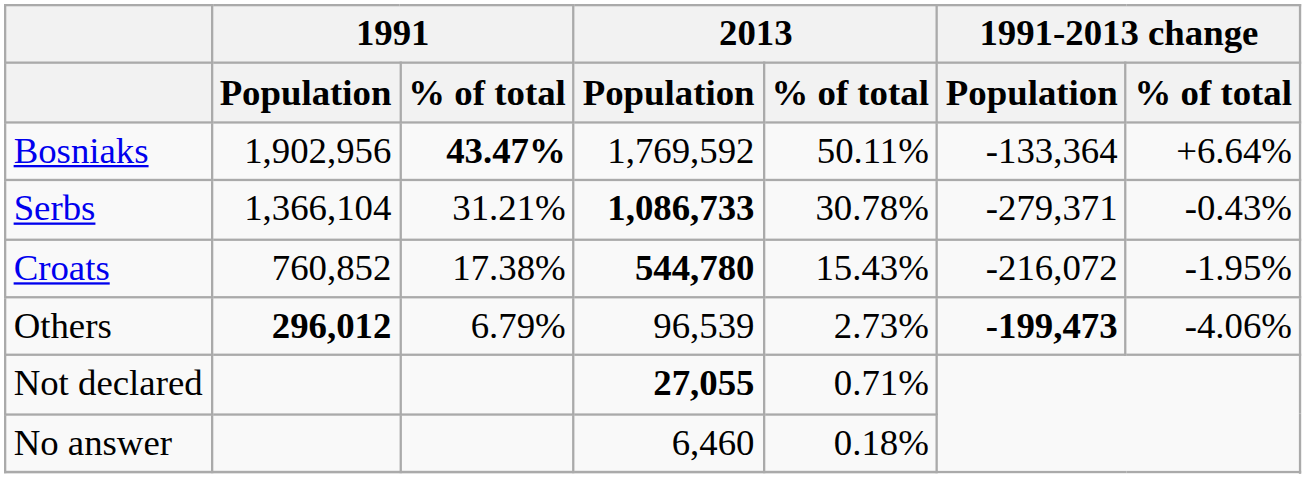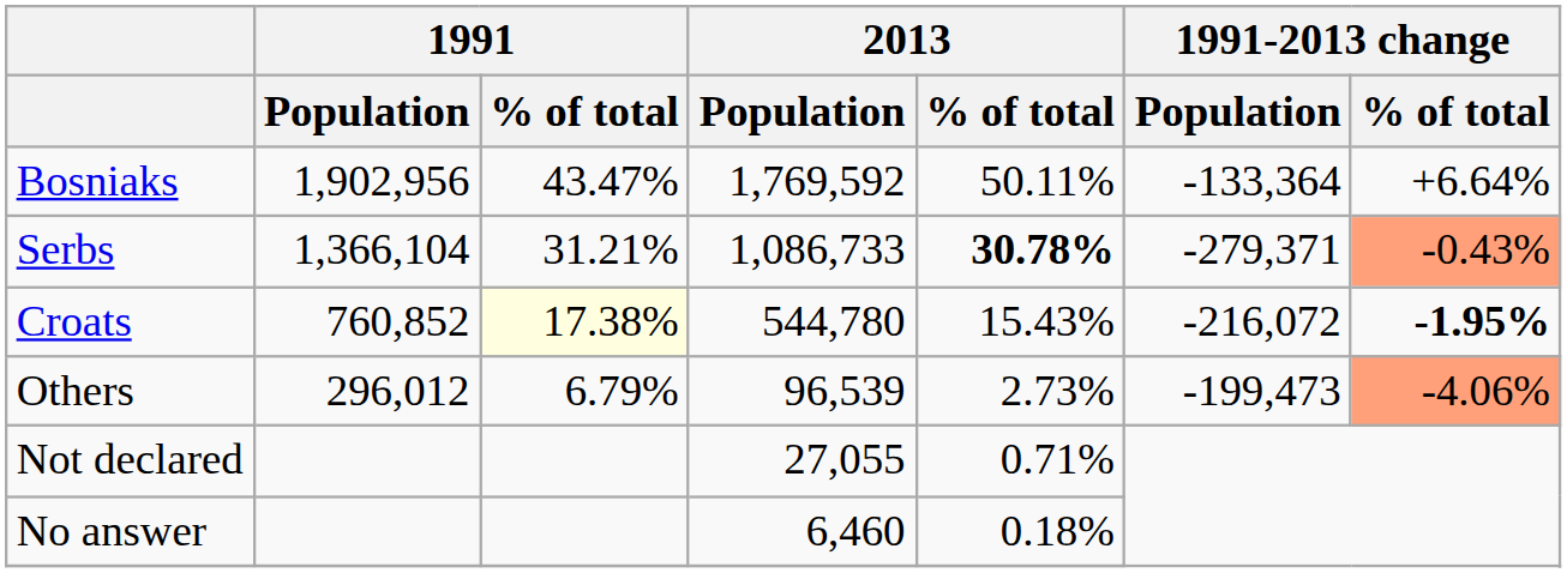 <table class="wikitable">
 <tr>
 <th></th>
 <th colspan=2>1991</th>
 <th colspan=2>2013</th>
 <th colspan=2>1991-2013 change</th>
 </tr>
 <tr>
 <th></th>
 <th>Population</th>
 <th>% of total</th>
 <th>Population</th>
 <th>% of total</th>
 <th>Population</th>
 <th>% of total</th>
 </tr>
 <tr>
 <td><a href='#'>Bosniaks</a></td>
 <td align=right>1,902,956</td>
-<td align=right><strong>43.47%</strong></td>
+<td align=right>43.47%</td>
 <td align=right>1,769,592</td>
 <td align=right>50.11%</td>
 <td align=right>-133,364</td>
 <td align=right>+6.64%</td>
 </tr>
 <tr>
 <td align=left><a href='#'>Serbs</a></td>
 <td align=right>1,366,104</td>
 <td align=right>31.21%</td>
-<td align=right><strong>1,086,733</strong></td>
-<td align=right>30.78%</td>
+<td align=right>1,086,733</td>
+<td align=right><strong>30.78%</strong></td>
 <td align=right>-279,371</td>
-<td align=right>-0.43%</td>
+<td align=right style="background: lightsalmon;">-0.43%</td>
 </tr>
 <tr>
 <td align=left><a href='#'>Croats</a></td>
 <td align=right>760,852</td>
-<td align=right>17.38%</td>
-<td align=right><strong>544,780</strong></td>
+<td align=right style="background: lightyellow;">17.38%</td>
+<td align=right>544,780</td>
 <td align=right>15.43%</td>
 <td align=right>-216,072</td>
-<td align=right>-1.95%</td>
+<td align=right><strong>-1.95%</strong></td>
 </tr>
 <tr>
 <td align=left>Others</td>
-<td align=right><strong>296,012</strong></td>
+<td align=right>296,012</td>
 <td align=right>6.79%</td>
 <td align=right>96,539</td>
 <td align=right>2.73%</td>
-<td align=right><strong>-199,473</strong></td>
-<td align=right>-4.06%</td>
+<td align=right>-199,473</td>
+<td align=right style="background: lightsalmon;">-4.06%</td>
 </tr>
 <tr>
 <td align=left>Not declared</td>
 <td></td>
 <td></td>
-<td align=right><strong>27,055</strong></td>
+<td align=right>27,055</td>
 <td align=right>0.71%</td>
 </tr>
 <tr>
 <td align=left>No answer</td>
 <td></td>
 <td></td>
 <td align=right>6,460</td>
 <td align=right>0.18%</td>
 </tr>
 <tr>
 </tr>
 </table>
